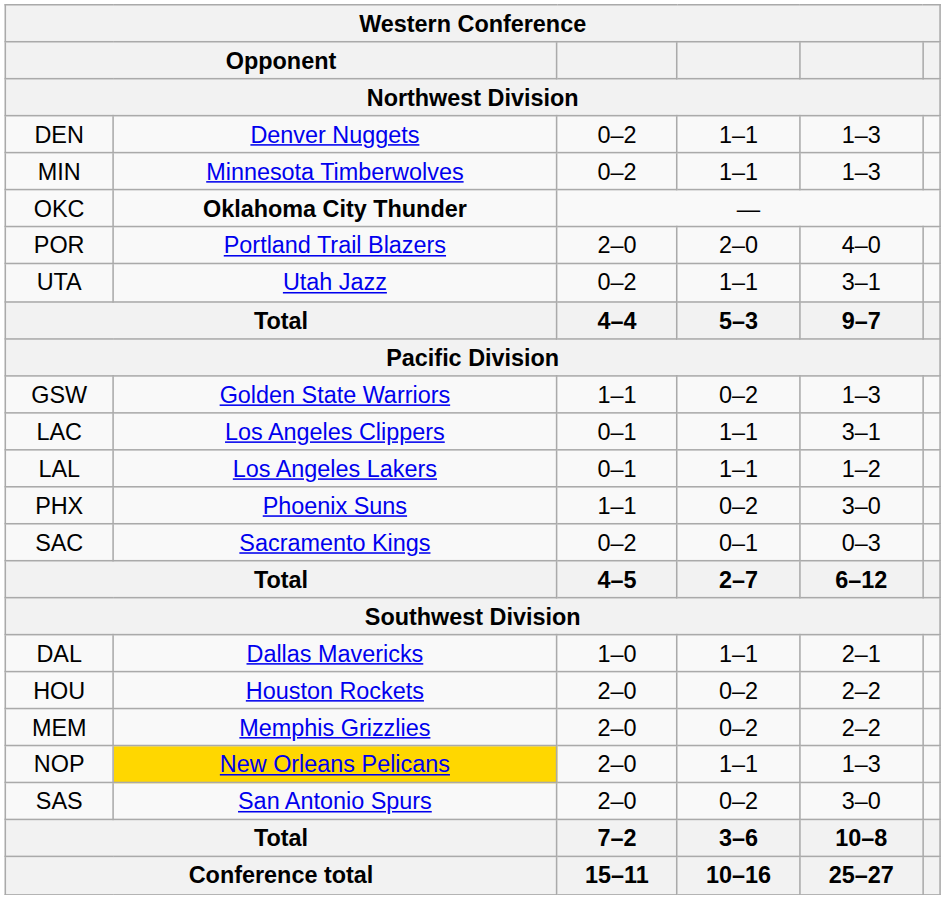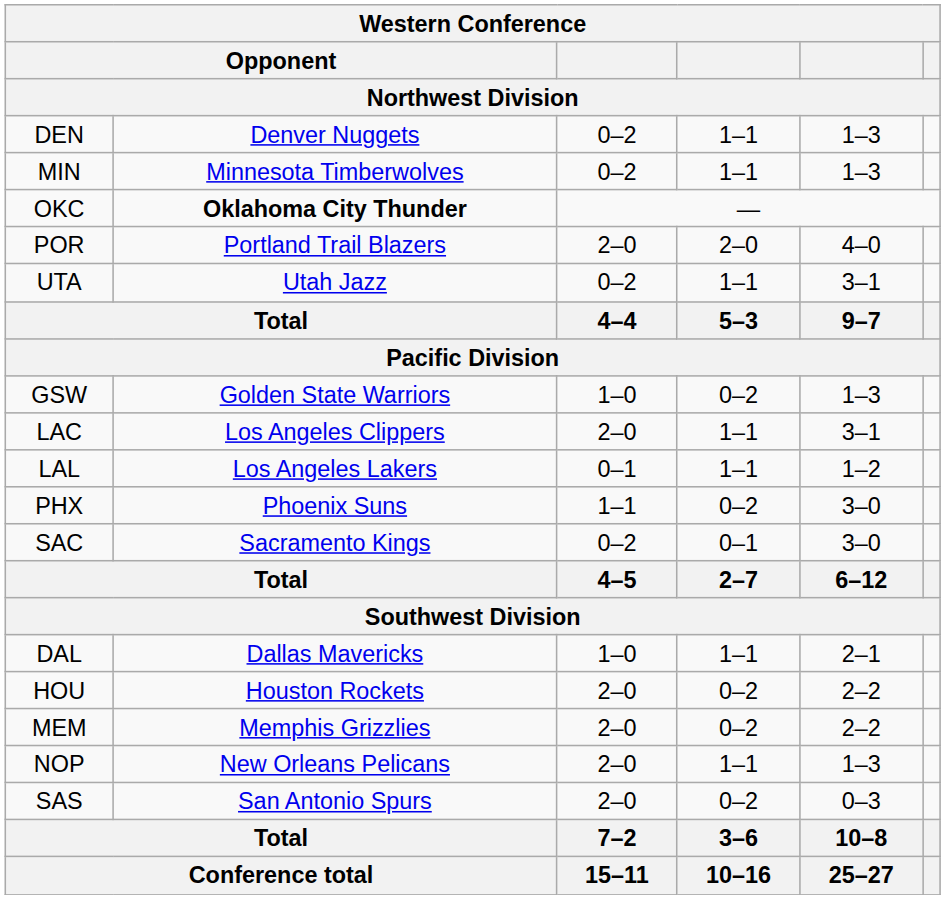 <table class="wikitable" style="margin:1em auto; font-size:95%; text-align:center; width:40em;">
 <tr>
 <th colspan="6">Western Conference</th>
 </tr>
 <tr>
 <th colspan="2">Opponent</th>
 <th></th>
 <th></th>
 <th></th>
 <th></th>
 </tr>
 <tr>
 <th colspan="6">Northwest Division</th>
 </tr>
 <tr>
 <td>DEN</td>
 <td><a href='#'>Denver Nuggets</a></td>
 <td>0–2</td>
 <td>1–1</td>
 <td>1–3</td>
 <td></td>
 </tr>
 <tr>
 <td>MIN</td>
 <td><a href='#'>Minnesota Timberwolves</a></td>
 <td>0–2</td>
 <td>1–1</td>
 <td>1–3</td>
 <td></td>
 </tr>
 <tr>
 <td>OKC</td>
 <td><strong>Oklahoma City Thunder</strong></td>
 <td colspan="6">—</td>
 </tr>
 <tr>
 <td>POR</td>
 <td><a href='#'>Portland Trail Blazers</a></td>
 <td>2–0</td>
 <td>2–0</td>
 <td>4–0</td>
 <td></td>
 </tr>
 <tr>
 <td>UTA</td>
 <td><a href='#'>Utah Jazz</a></td>
 <td>0–2</td>
 <td>1–1</td>
 <td>3–1</td>
 <td></td>
 </tr>
 <tr>
 <th colspan="2">Total</th>
 <th>4–4</th>
 <th>5–3</th>
 <th>9–7</th>
 <th></th>
 </tr>
 <tr>
 <th colspan="6">Pacific Division</th>
 </tr>
 <tr>
 <td>GSW</td>
 <td><a href='#'>Golden State Warriors</a></td>
-<td>1–1</td>
+<td>1–0</td>
 <td>0–2</td>
 <td>1–3</td>
 <td></td>
 </tr>
 <tr>
 <td>LAC</td>
 <td><a href='#'>Los Angeles Clippers</a></td>
-<td>0–1</td>
+<td>2–0</td>
 <td>1–1</td>
 <td>3–1</td>
 <td></td>
 </tr>
 <tr>
 <td>LAL</td>
 <td><a href='#'>Los Angeles Lakers</a></td>
 <td>0–1</td>
 <td>1–1</td>
 <td>1–2</td>
 <td></td>
 </tr>
 <tr>
 <td>PHX</td>
 <td><a href='#'>Phoenix Suns</a></td>
 <td>1–1</td>
 <td>0–2</td>
 <td>3–0</td>
 <td></td>
 </tr>
 <tr>
 <td>SAC</td>
 <td><a href='#'>Sacramento Kings</a></td>
 <td>0–2</td>
 <td>0–1</td>
-<td>0–3</td>
+<td>3–0</td>
 <td></td>
 </tr>
 <tr>
 <th colspan="2">Total</th>
 <th>4–5</th>
 <th>2–7</th>
 <th>6–12</th>
 <th></th>
 </tr>
 <tr>
 <th colspan="6">Southwest Division</th>
 </tr>
 <tr>
 <td>DAL</td>
 <td><a href='#'>Dallas Mavericks</a></td>
 <td>1–0</td>
 <td>1–1</td>
 <td>2–1</td>
 <td></td>
 </tr>
 <tr>
 <td>HOU</td>
 <td><a href='#'>Houston Rockets</a></td>
 <td>2–0</td>
 <td>0–2</td>
 <td>2–2</td>
 <td></td>
 </tr>
 <tr>
 <td>MEM</td>
 <td><a href='#'>Memphis Grizzlies</a></td>
 <td>2–0</td>
 <td>0–2</td>
 <td>2–2</td>
 <td></td>
 </tr>
 <tr>
 <td>NOP</td>
-<td style="background: gold;"><a href='#'>New Orleans Pelicans</a></td>
+<td><a href='#'>New Orleans Pelicans</a></td>
 <td>2–0</td>
 <td>1–1</td>
 <td>1–3</td>
 <td></td>
 </tr>
 <tr>
 <td>SAS</td>
 <td><a href='#'>San Antonio Spurs</a></td>
 <td>2–0</td>
 <td>0–2</td>
-<td>3–0</td>
+<td>0–3</td>
 <td></td>
 </tr>
 <tr>
 <th colspan="2">Total</th>
 <th>7–2</th>
 <th>3–6</th>
 <th>10–8</th>
 <th></th>
 </tr>
 <tr>
 <th colspan="2">Conference total</th>
 <th>15–11</th>
 <th>10–16</th>
 <th>25–27</th>
 <th></th>
 </tr>
 </table>
